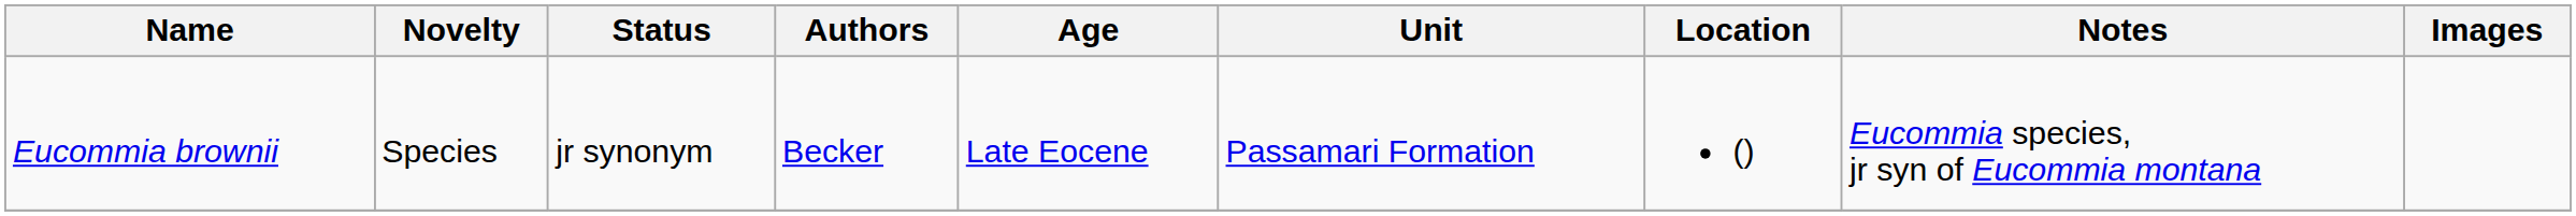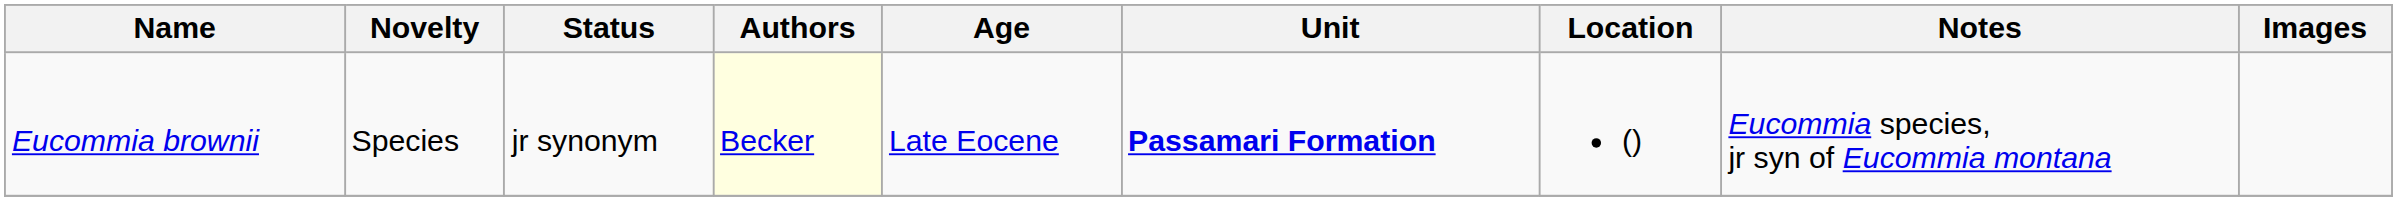 <table class="wikitable sortable" align="center" width="100%">
 <tr>
 <th>Name</th>
 <th>Novelty</th>
 <th>Status</th>
 <th>Authors</th>
 <th>Age</th>
 <th>Unit</th>
 <th>Location</th>
 <th>Notes</th>
 <th>Images</th>
 </tr>
 <tr>
 <td><br><em><a href='#'>Eucommia brownii</a></em></td>
 <td><br>Species</td>
 <td><br>jr synonym</td>
-<td><br><a href='#'>Becker</a></td>
+<td style="background: lightyellow;"><br><a href='#'>Becker</a></td>
 <td><br><a href='#'>Late Eocene</a></td>
-<td><br><a href='#'>Passamari Formation</a></td>
+<td><strong><br><a href='#'>Passamari Formation</a></strong></td>
 <td><br><ul><li> ()</li></ul></td>
 <td><br><em><a href='#'>Eucommia</a></em> species, <br>jr syn of <em><a href='#'>Eucommia montana</a></em></td>
 <td></td>
 </tr>
 <tr>
 </tr>
 </table>
